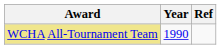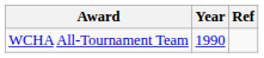 <table class="wikitable">
 <tr>
 <th>Award</th>
 <th>Year</th>
 <th>Ref</th>
 </tr>
 <tr>
-<td style="background: khaki;"><a href='#'>WCHA</a> <a href='#'>All-Tournament Team</a></td>
+<td><a href='#'>WCHA</a> <a href='#'>All-Tournament Team</a></td>
 <td><a href='#'>1990</a></td>
 <td></td>
 </tr>
 </table>
